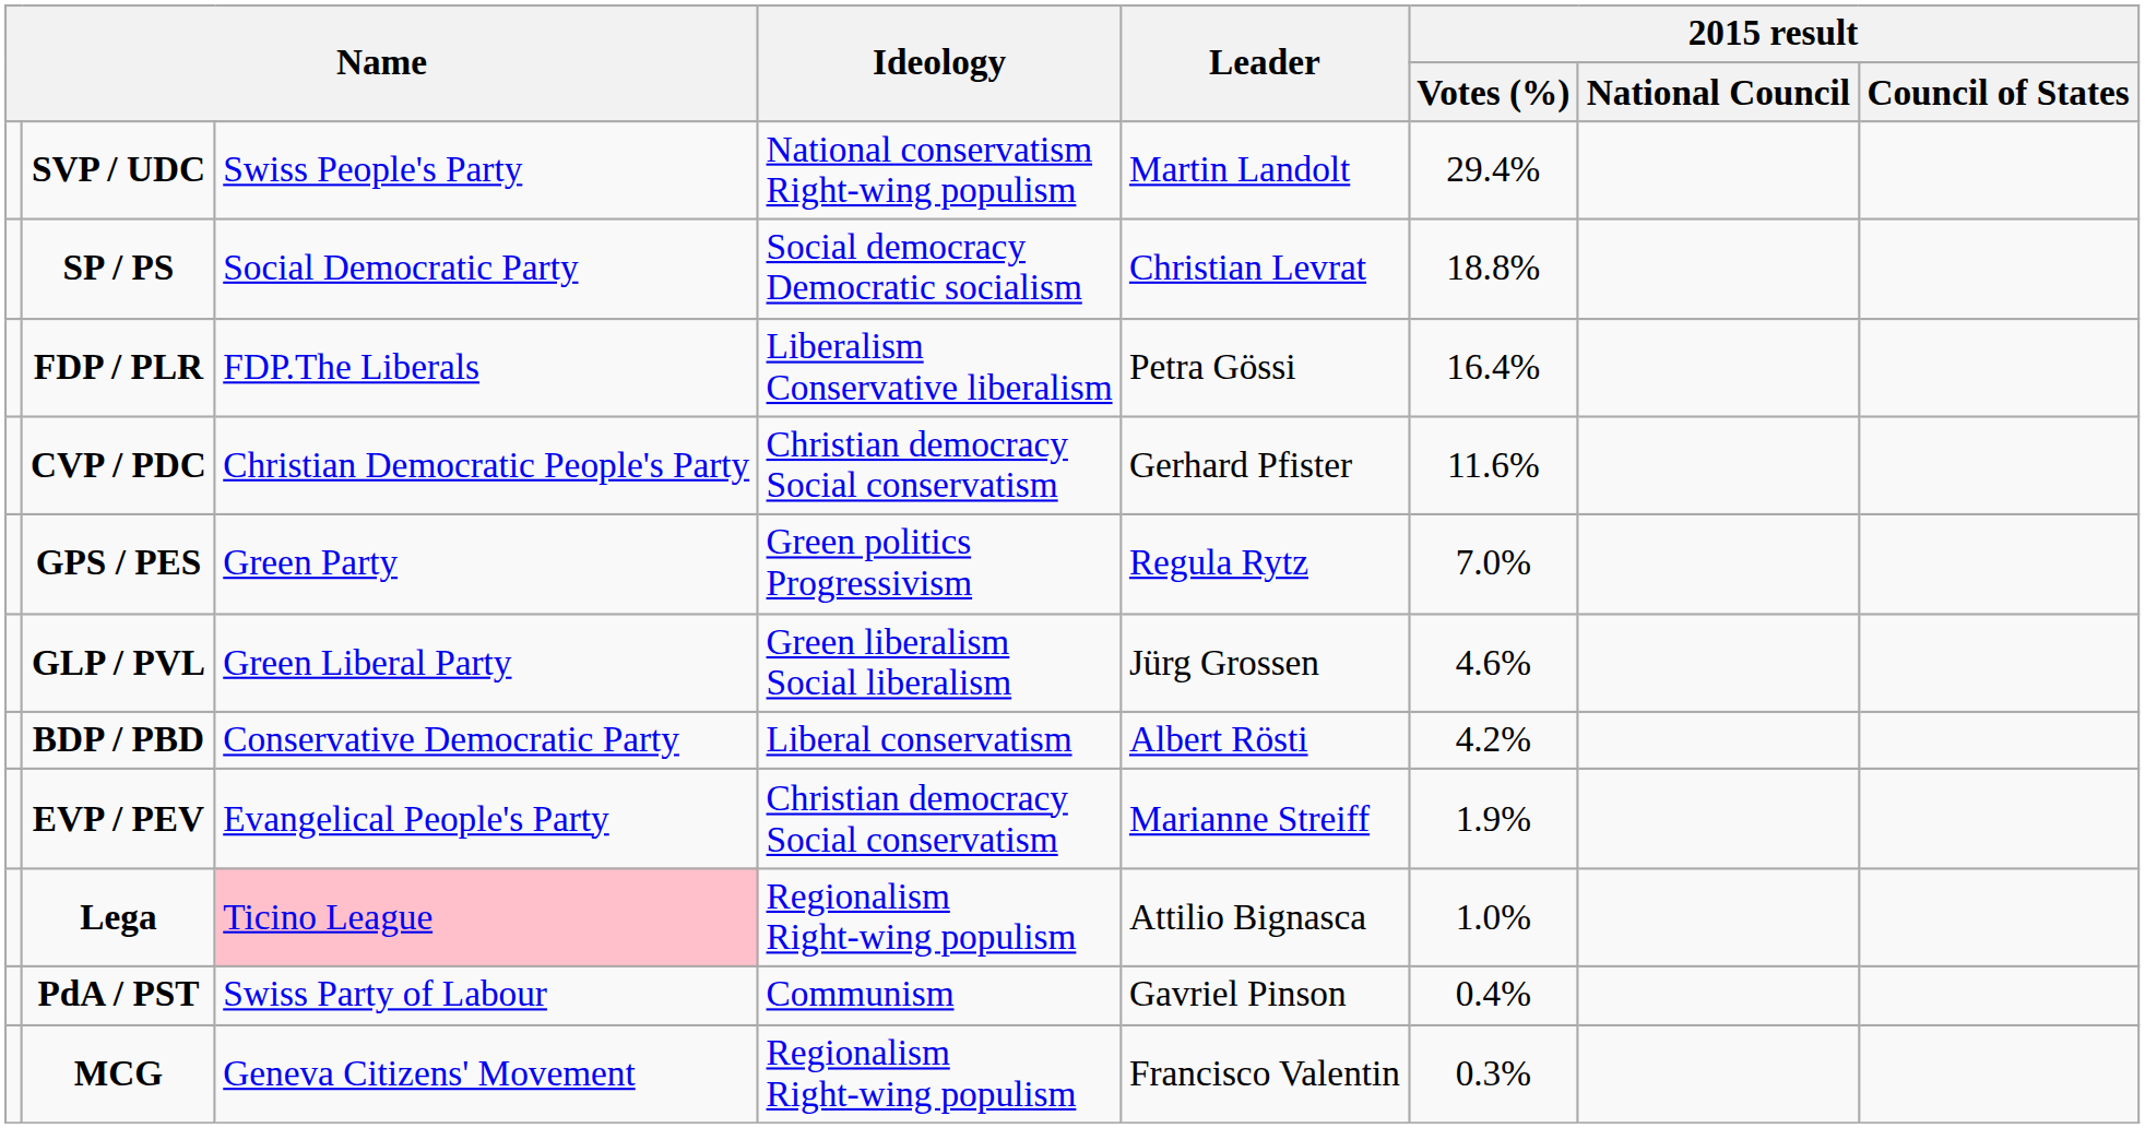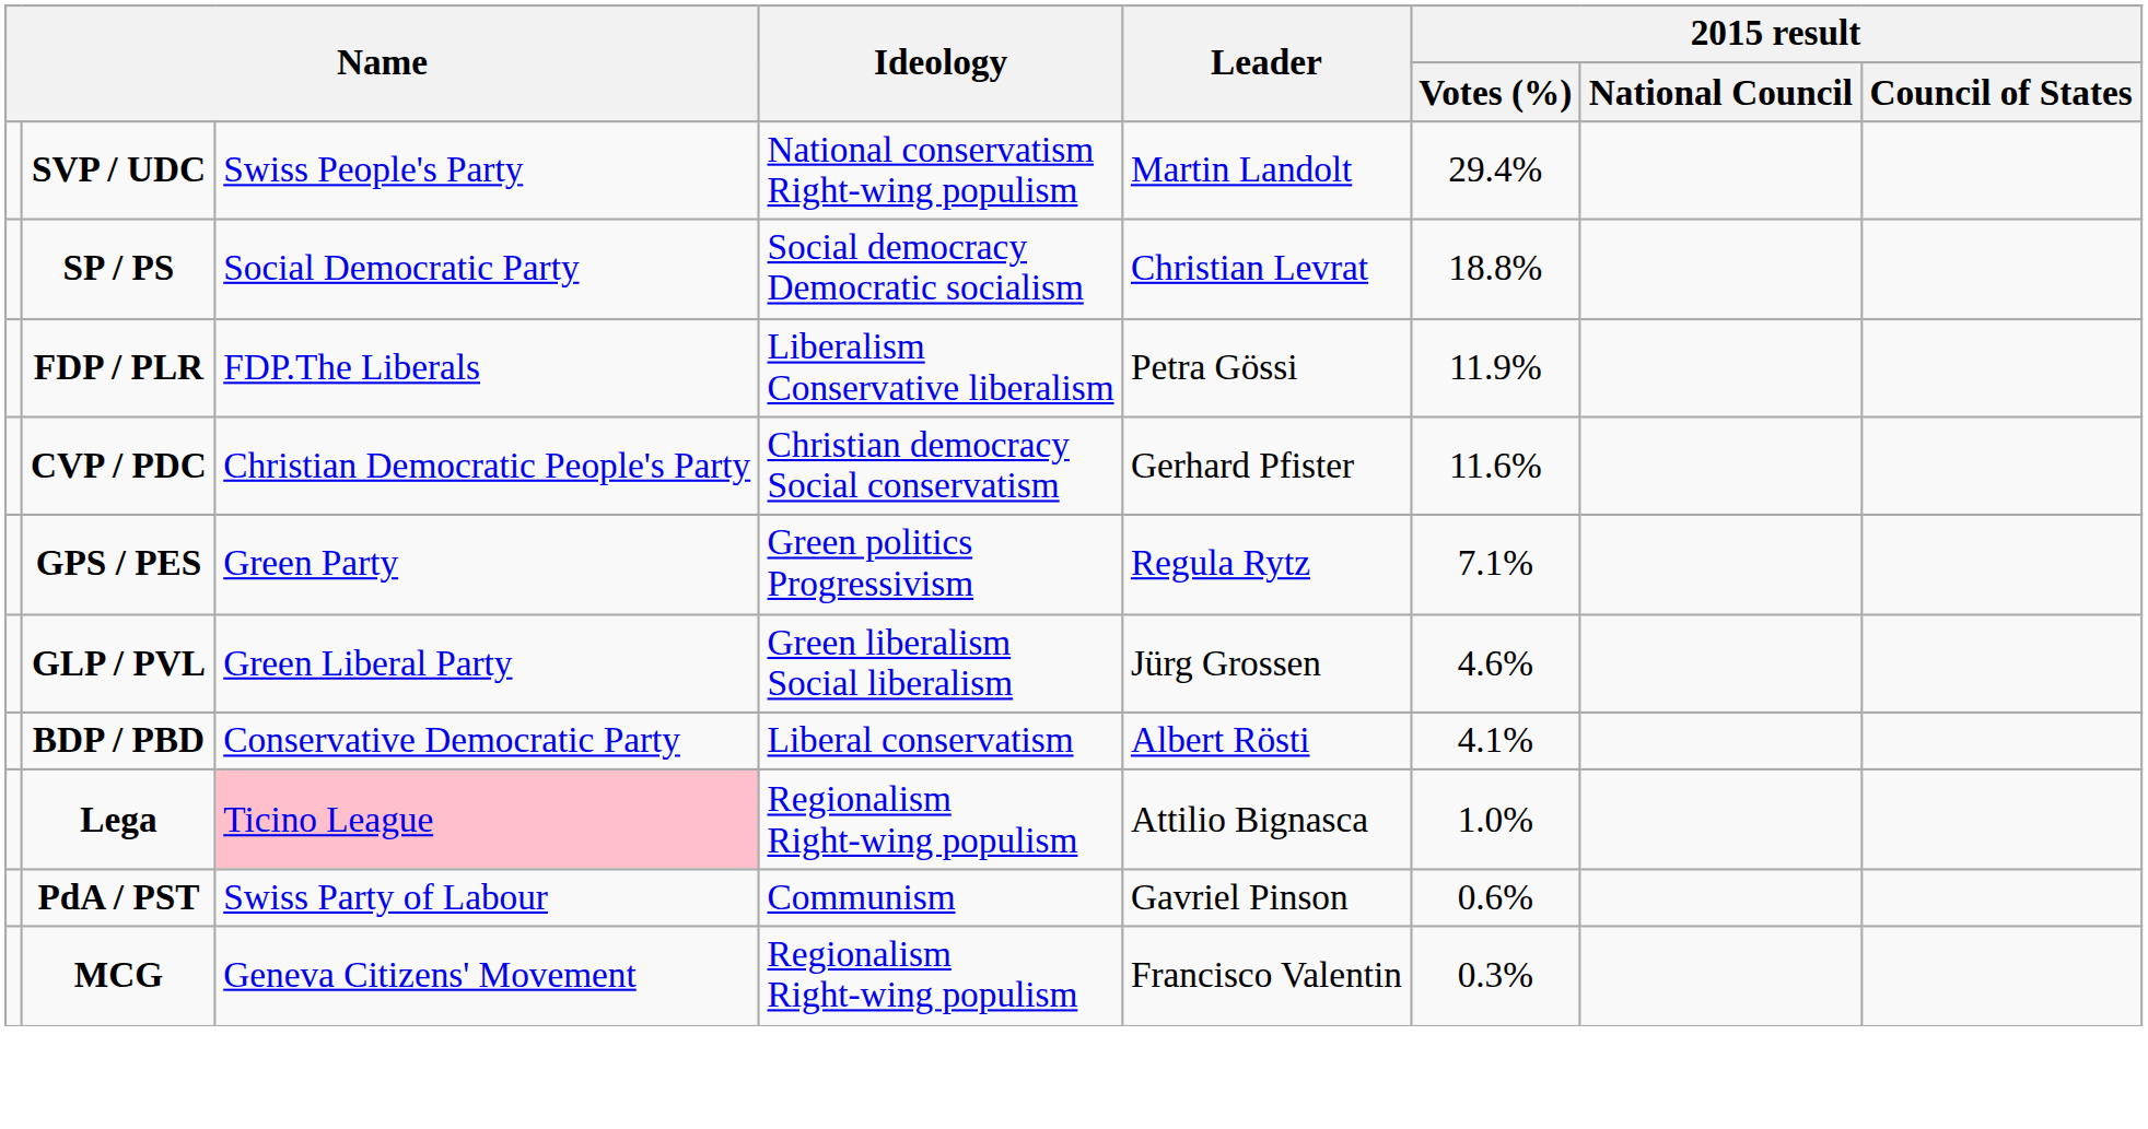 <table class="wikitable">
 <tr>
 <th rowspan="2" colspan="3">Name</th>
 <th rowspan="2">Ideology</th>
 <th rowspan="2">Leader</th>
 <th colspan="3">2015 result</th>
 </tr>
 <tr>
 <th>Votes (%)</th>
 <th>National Council</th>
 <th>Council of States</th>
 </tr>
 <tr>
 <td style="background:"></td>
 <td style="text-align:center;"><strong>SVP / UDC</strong></td>
 <td><a href='#'>Swiss People's Party</a></td>
 <td><a href='#'>National conservatism</a><br><a href='#'>Right-wing populism</a></td>
 <td><a href='#'>Martin Landolt</a></td>
 <td style="text-align:center;">29.4%</td>
 <td></td>
 <td></td>
 </tr>
 <tr>
 <td style="background:"></td>
 <td style="text-align:center;"><strong>SP / PS</strong></td>
 <td><a href='#'>Social Democratic Party</a></td>
 <td><a href='#'>Social democracy</a><br><a href='#'>Democratic socialism</a></td>
 <td><a href='#'>Christian Levrat</a></td>
 <td style="text-align:center;">18.8%</td>
 <td></td>
 <td></td>
 </tr>
 <tr>
 <td style="background:"></td>
 <td style="text-align:center;"><strong>FDP / PLR</strong></td>
 <td><a href='#'>FDP.The Liberals</a></td>
 <td><a href='#'>Liberalism</a><br><a href='#'>Conservative liberalism</a></td>
 <td>Petra Gössi</td>
-<td style="text-align:center;">16.4%</td>
+<td style="text-align:center;">11.9%</td>
 <td></td>
 <td></td>
 </tr>
 <tr>
 <td style="background:"></td>
 <td style="text-align:center;"><strong>CVP / PDC</strong></td>
 <td><a href='#'>Christian Democratic People's Party</a></td>
 <td><a href='#'>Christian democracy</a><br><a href='#'>Social conservatism</a></td>
 <td>Gerhard Pfister</td>
 <td style="text-align:center;">11.6%</td>
 <td></td>
 <td></td>
 </tr>
 <tr>
 <td style="background:"></td>
 <td style="text-align:center;"><strong>GPS / PES</strong></td>
 <td><a href='#'>Green Party</a></td>
 <td><a href='#'>Green politics</a><br><a href='#'>Progressivism</a></td>
 <td><a href='#'>Regula Rytz</a></td>
-<td style="text-align:center;">7.0%</td>
+<td style="text-align:center;">7.1%</td>
 <td></td>
 <td></td>
 </tr>
 <tr>
 <td style="background:"></td>
 <td style="text-align:center;"><strong>GLP / PVL</strong></td>
 <td><a href='#'>Green Liberal Party</a></td>
 <td><a href='#'>Green liberalism</a><br><a href='#'>Social liberalism</a></td>
 <td>Jürg Grossen</td>
 <td style="text-align:center;">4.6%</td>
 <td></td>
 <td></td>
 </tr>
 <tr>
 <td style="background:"></td>
 <td style="text-align:center;"><strong>BDP / PBD</strong></td>
 <td><a href='#'>Conservative Democratic Party</a></td>
 <td><a href='#'>Liberal conservatism</a></td>
 <td><a href='#'>Albert Rösti</a></td>
-<td style="text-align:center;">4.2%</td>
-<td></td>
-<td></td>
-</tr>
-<tr>
-<td style="background:"></td>
-<td style="text-align:center;"><strong>EVP / PEV</strong></td>
-<td><a href='#'>Evangelical People's Party</a></td>
-<td><a href='#'>Christian democracy</a><br><a href='#'>Social conservatism</a></td>
-<td><a href='#'>Marianne Streiff</a></td>
-<td style="text-align:center;">1.9%</td>
+<td style="text-align:center;">4.1%</td>
 <td></td>
 <td></td>
 </tr>
 <tr>
 <td style="background:"></td>
 <td style="text-align:center;"><strong>Lega</strong></td>
 <td style="background: pink;"><a href='#'>Ticino League</a></td>
 <td><a href='#'>Regionalism</a><br><a href='#'>Right-wing populism</a></td>
 <td>Attilio Bignasca</td>
 <td style="text-align:center;">1.0%</td>
 <td></td>
 <td></td>
 </tr>
 <tr>
 <td style="background:"></td>
 <td style="text-align:center;"><strong>PdA / PST</strong></td>
 <td><a href='#'>Swiss Party of Labour</a></td>
 <td><a href='#'>Communism</a></td>
 <td>Gavriel Pinson</td>
-<td style="text-align:center;">0.4%</td>
+<td style="text-align:center;">0.6%</td>
 <td></td>
 <td></td>
 </tr>
 <tr>
 <td style="background:"></td>
 <td style="text-align:center;"><strong>MCG</strong></td>
 <td><a href='#'>Geneva Citizens' Movement</a></td>
 <td><a href='#'>Regionalism</a><br><a href='#'>Right-wing populism</a></td>
 <td>Francisco Valentin</td>
 <td style="text-align:center;">0.3%</td>
 <td></td>
 <td></td>
 </tr>
 </table>
